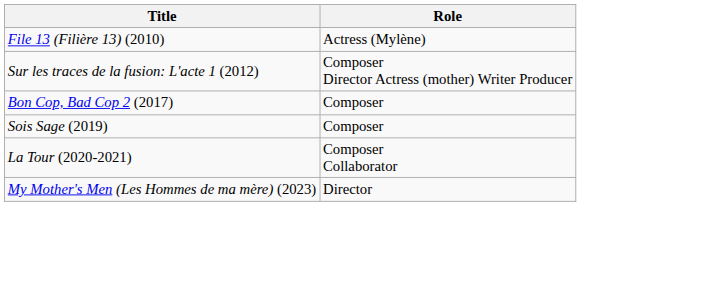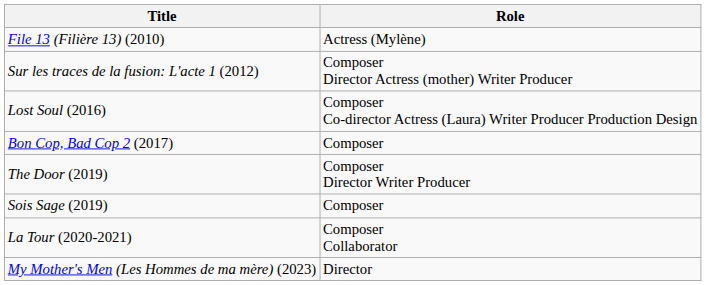 <table class="wikitable">
 <tr>
 <th>Title</th>
 <th>Role</th>
 </tr>
 <tr>
 <td><em><a href='#'>File 13</a> (Filière 13)</em> (2010)</td>
 <td>Actress (Mylène)</td>
 </tr>
 <tr>
 <td><em>Sur les traces de la fusion: L'acte 1</em> (2012)</td>
 <td>Composer<br>Director Actress (mother) Writer Producer</td>
 </tr>
 <tr>
+<td><em>Lost Soul</em> (2016)</td>
+<td>Composer<br>Co-director Actress (Laura) Writer Producer Production Design</td>
+</tr>
+<tr>
 <td><em><a href='#'>Bon Cop, Bad Cop 2</a></em> (2017)</td>
 <td>Composer</td>
+</tr>
+<tr>
+<td><em>The Door</em> (2019)</td>
+<td>Composer<br>Director Writer Producer</td>
 </tr>
 <tr>
 <td><em>Sois Sage</em> (2019)</td>
 <td>Composer</td>
 </tr>
 <tr>
 <td><em>La Tour</em> (2020-2021)</td>
 <td>Composer<br>Collaborator</td>
 </tr>
 <tr>
 <td><em><a href='#'>My Mother's Men</a> (Les Hommes de ma mère)</em> (2023)</td>
 <td>Director</td>
 </tr>
 </table>
